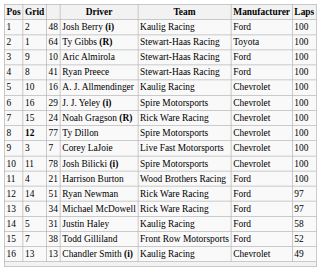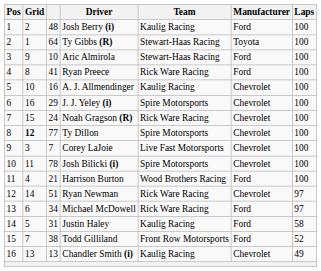 <table class="wikitable" style="font-size:98%">
 <tr>
 <th>Pos</th>
 <th>Grid</th>
 <th></th>
 <th>Driver</th>
 <th>Team</th>
 <th>Manufacturer</th>
 <th>Laps</th>
 </tr>
 <tr>
 <td>1</td>
 <td>2</td>
 <td>48</td>
 <td>Josh Berry <strong>(i)</strong></td>
 <td>Kaulig Racing</td>
 <td>Ford</td>
 <td>100</td>
 </tr>
 <tr>
 <td>2</td>
 <td>1</td>
 <td>64</td>
 <td>Ty Gibbs <strong>(R)</strong></td>
 <td>Stewart-Haas Racing</td>
 <td>Toyota</td>
 <td>100</td>
 </tr>
 <tr>
 <td>3</td>
 <td>9</td>
 <td>10</td>
 <td>Aric Almirola</td>
 <td>Stewart-Haas Racing</td>
 <td>Ford</td>
 <td>100</td>
 </tr>
 <tr>
 <td>4</td>
 <td>8</td>
 <td>41</td>
 <td>Ryan Preece</td>
-<td>Stewart-Haas Racing</td>
+<td>Rick Ware Racing</td>
 <td>Ford</td>
 <td>100</td>
 </tr>
 <tr>
 <td>5</td>
 <td>10</td>
 <td>16</td>
 <td>A. J. Allmendinger</td>
 <td>Kaulig Racing</td>
 <td>Chevrolet</td>
 <td>100</td>
 </tr>
 <tr>
 <td>6</td>
 <td>16</td>
 <td>29</td>
 <td>J. J. Yeley <strong>(i)</strong></td>
 <td>Spire Motorsports</td>
 <td>Chevrolet</td>
 <td>100</td>
 </tr>
 <tr>
 <td>7</td>
 <td>15</td>
 <td>24</td>
 <td>Noah Gragson <strong>(R)</strong></td>
 <td>Rick Ware Racing</td>
 <td>Chevrolet</td>
 <td>100</td>
 </tr>
 <tr>
 <td>8</td>
 <td><strong>12</strong></td>
 <td>77</td>
 <td>Ty Dillon</td>
 <td>Spire Motorsports</td>
 <td>Chevrolet</td>
 <td>100</td>
 </tr>
 <tr>
 <td>9</td>
 <td>3</td>
 <td>7</td>
 <td>Corey LaJoie</td>
 <td>Live Fast Motorsports</td>
 <td>Chevrolet</td>
 <td>100</td>
 </tr>
 <tr>
 <td>10</td>
 <td>11</td>
 <td>78</td>
 <td>Josh Bilicki <strong>(i)</strong></td>
 <td>Spire Motorsports</td>
 <td>Chevrolet</td>
 <td>100</td>
 </tr>
 <tr>
 <td>11</td>
 <td>4</td>
 <td>21</td>
 <td>Harrison Burton</td>
 <td>Wood Brothers Racing</td>
 <td>Ford</td>
 <td>100</td>
 </tr>
 <tr>
 <td>12</td>
 <td>14</td>
 <td>51</td>
 <td>Ryan Newman</td>
 <td>Rick Ware Racing</td>
-<td>Ford</td>
+<td>Chevrolet</td>
 <td>97</td>
 </tr>
 <tr>
 <td>13</td>
 <td>6</td>
 <td>34</td>
 <td>Michael McDowell</td>
 <td>Rick Ware Racing</td>
 <td>Ford</td>
 <td>97</td>
 </tr>
 <tr>
 <td>14</td>
 <td>5</td>
 <td>31</td>
 <td>Justin Haley</td>
 <td>Kaulig Racing</td>
 <td>Ford</td>
 <td>58</td>
 </tr>
 <tr>
 <td>15</td>
 <td>7</td>
 <td>38</td>
 <td>Todd Gilliland</td>
 <td>Front Row Motorsports</td>
 <td>Ford</td>
 <td>52</td>
 </tr>
 <tr>
 <td>16</td>
 <td>13</td>
 <td>13</td>
 <td>Chandler Smith <strong>(i)</strong></td>
 <td>Kaulig Racing</td>
 <td>Chevrolet</td>
 <td>49</td>
 </tr>
 <tr>
 <th colspan="7"></th>
 </tr>
 </table>
